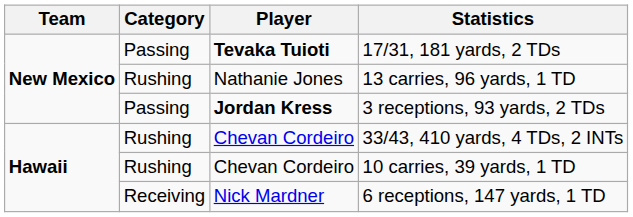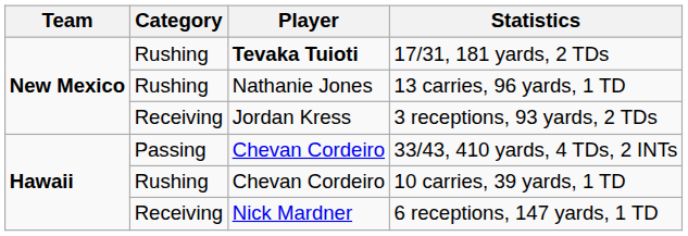 <table class="wikitable" style="float: left;">
 <tr>
 <th>Team</th>
 <th>Category</th>
 <th>Player</th>
 <th>Statistics</th>
 </tr>
 <tr>
 <td rowspan=3><strong>New Mexico</strong></td>
-<td>Passing</td>
+<td>Rushing</td>
 <td><strong>Tevaka Tuioti</strong></td>
 <td>17/31, 181 yards, 2 TDs</td>
 </tr>
 <tr>
 <td>Rushing</td>
 <td>Nathanie Jones</td>
 <td>13 carries, 96 yards, 1 TD</td>
 </tr>
 <tr>
-<td>Passing</td>
-<td><strong>Jordan Kress</strong></td>
+<td>Receiving</td>
+<td>Jordan Kress</td>
 <td>3 receptions, 93 yards, 2 TDs</td>
 </tr>
 <tr>
 <td rowspan=3><strong>Hawaii</strong></td>
-<td>Rushing</td>
+<td>Passing</td>
 <td><a href='#'>Chevan Cordeiro</a></td>
 <td>33/43, 410 yards, 4 TDs, 2 INTs</td>
 </tr>
 <tr>
 <td>Rushing</td>
 <td>Chevan Cordeiro</td>
 <td>10 carries, 39 yards, 1 TD</td>
 </tr>
 <tr>
 <td>Receiving</td>
 <td><a href='#'>Nick Mardner</a></td>
 <td>6 receptions, 147 yards, 1 TD</td>
 </tr>
 </table>
